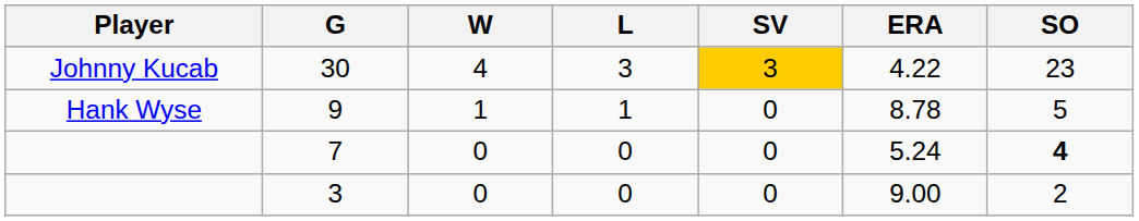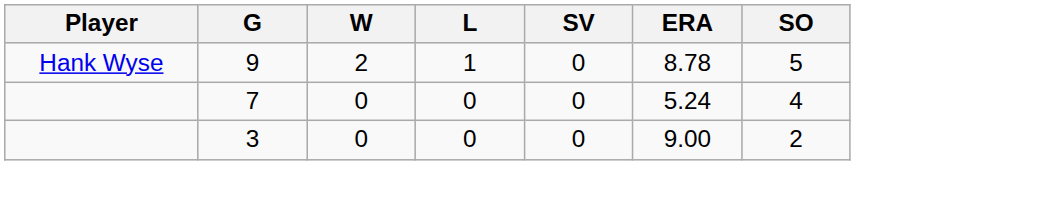 <table class="wikitable sortable">
 <tr>
 <th bgcolor="#DDDDFF" width="16%">Player</th>
 <th bgcolor="#DDDDFF" width="9%">G</th>
 <th bgcolor="#DDDDFF" width="9%">W</th>
 <th bgcolor="#DDDDFF" width="9%">L</th>
 <th bgcolor="#DDDDFF" width="9%">SV</th>
 <th bgcolor="#DDDDFF" width="9%">ERA</th>
 <th bgcolor="#DDDDFF" width="9%">SO</th>
 </tr>
 <tr align="center">
-<td><a href='#'>Johnny Kucab</a></td>
-<td>30</td>
-<td>4</td>
-<td>3</td>
-<td style="background:#fc0;">3</td>
-<td>4.22</td>
-<td>23</td>
-</tr>
-<tr align="center">
 <td><a href='#'>Hank Wyse</a></td>
 <td>9</td>
-<td>1</td>
+<td>2</td>
 <td>1</td>
 <td>0</td>
 <td>8.78</td>
 <td>5</td>
 </tr>
 <tr align="center">
 <td></td>
 <td>7</td>
 <td>0</td>
 <td>0</td>
 <td>0</td>
 <td>5.24</td>
-<td><strong>4</strong></td>
+<td>4</td>
 </tr>
 <tr align="center">
 <td></td>
 <td>3</td>
 <td>0</td>
 <td>0</td>
 <td>0</td>
 <td>9.00</td>
 <td>2</td>
 </tr>
 </table>
